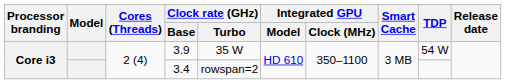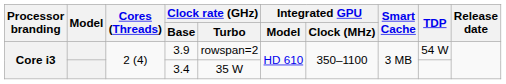 <table class="wikitable sortable nowrap" style="text-align: center;">
 <tr>
 <th class="unsortable" rowspan="2">Processor<br>branding</th>
 <th rowspan="2">Model</th>
 <th class="unsortable" rowspan="2"><a href='#'>Cores</a><br>(<a href='#'>Threads</a>)</th>
 <th colspan="2"><a href='#'>Clock rate</a> (GHz)</th>
 <th colspan="2">Integrated <a href='#'>GPU</a></th>
 <th class="unsortable" rowspan="2"><a href='#'>Smart<br>Cache</a></th>
 <th rowspan="2"><a href='#'>TDP</a></th>
 <th rowspan="2">Release<br>date</th>
 </tr>
 <tr>
 <th class="unsortable">Base</th>
 <th class="unsortable">Turbo</th>
 <th class="unsortable">Model</th>
 <th class="unsortable">Clock (MHz)</th>
 </tr>
 <tr>
 <th rowspan=2>Core i3</th>
 <th style="text-align:left;" data-sort-value="sku2"></th>
 <td rowspan=2>2 (4)</td>
 <td>3.9</td>
-<td>35 W</td>
+<td>rowspan=2 </td>
 <td rowspan=2><a href='#'>HD 610</a></td>
 <td rowspan=2>350–1100</td>
 <td rowspan=2>3 MB</td>
 <td>54 W</td>
 <td rowspan=2></td>
 </tr>
 <tr>
 <th style="text-align:left;" data-sort-value="sku1"></th>
 <td>3.4</td>
-<td>rowspan=2 </td>
+<td>35 W</td>
 </tr>
 </table>
